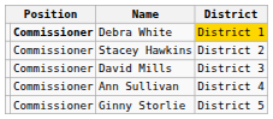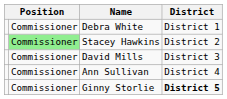 <table class="wikitable">
 <tr>
 <th colspan="2">Position</th>
 <th>Name</th>
 <th>District</th>
 </tr>
 <tr>
 <td></td>
-<td><strong>Commissioner</strong></td>
+<td>Commissioner</td>
 <td>Debra White</td>
-<td style="background: gold;">District 1</td>
+<td>District 1</td>
 </tr>
 <tr>
 <td></td>
-<td>Commissioner</td>
+<td style="background: lightgreen;">Commissioner</td>
 <td>Stacey Hawkins</td>
 <td>District 2</td>
 </tr>
 <tr>
 <td></td>
 <td>Commissioner</td>
 <td>David Mills</td>
 <td>District 3</td>
 </tr>
 <tr>
 <td></td>
 <td>Commissioner</td>
 <td>Ann Sullivan</td>
 <td>District 4</td>
 </tr>
 <tr>
 <td></td>
 <td>Commissioner</td>
 <td>Ginny Storlie</td>
-<td>District 5</td>
+<td><strong>District 5</strong></td>
 </tr>
 </table>
